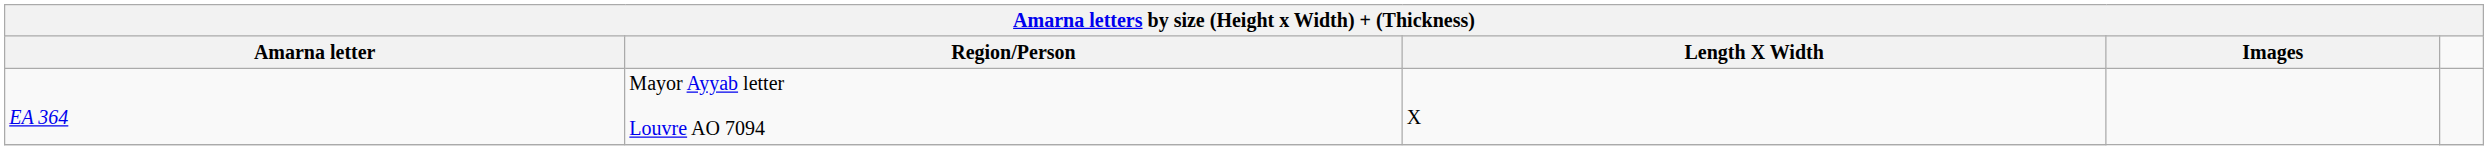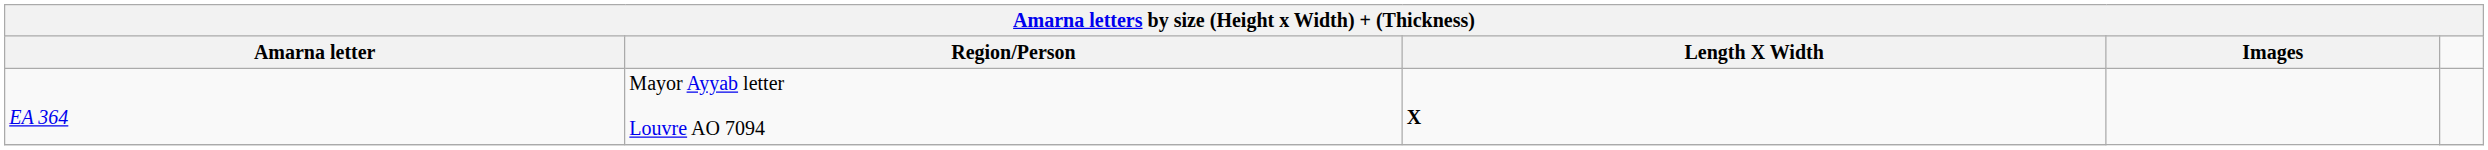 <table class="wikitable" align="center" width="100%">
 <tr>
 <th colspan="5" align="center"><strong><a href='#'>Amarna letters</a> by size (Height x Width) + (Thickness)</strong></th>
 </tr>
 <tr>
 <th>Amarna letter</th>
 <th>Region/Person</th>
 <th>Length X Width</th>
 <th>Images</th>
 </tr>
 <tr>
 <td><br><em><a href='#'>EA 364</a></em></td>
 <td>Mayor <a href='#'>Ayyab</a> letter<br><br> <a href='#'>Louvre</a> AO 7094</td>
-<td> <br>X </td>
+<td><strong> <br>X </strong></td>
 <td rowspan="99"><br></td>
 <td></td>
 </tr>
 <tr>
 </tr>
 </table>
